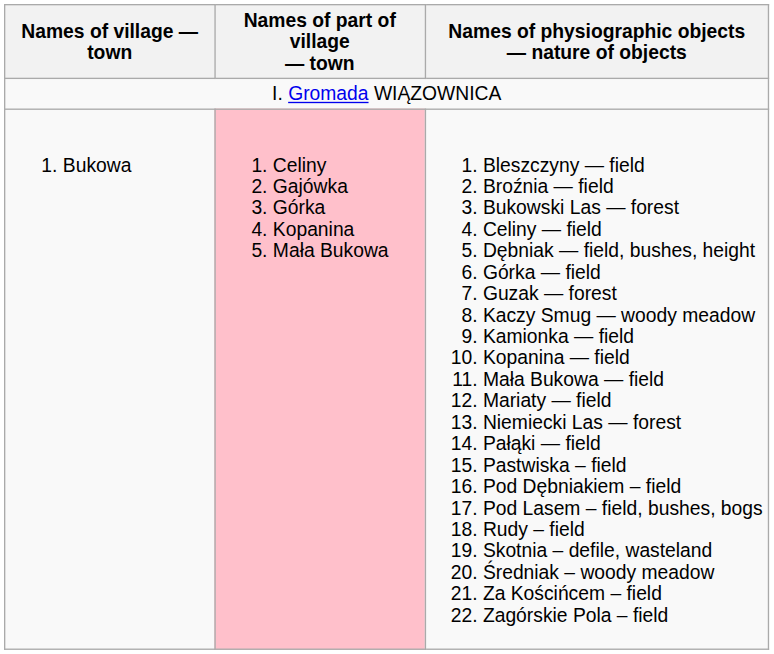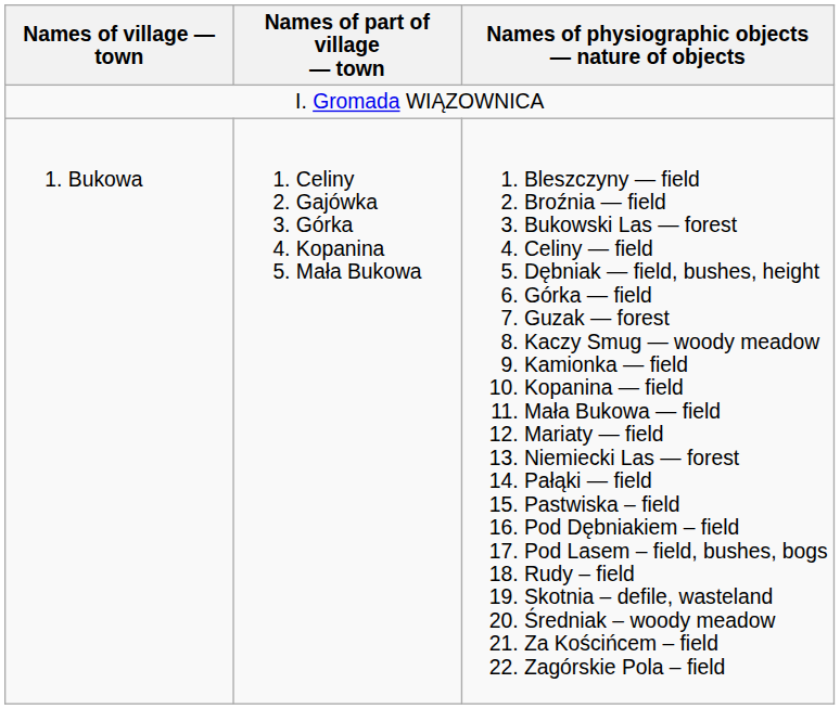 <table class="wikitable" style="text-align:center; font-size:90%" |>
 <tr>
 <th width="150px">Names of village — town</th>
 <th width="150px">Names of part of village<br> — town</th>
 <th width="250px">Names of physiographic objects<br> — nature of objects</th>
 </tr>
 <tr>
 <td colspan = "3">I. <a href='#'>Gromada</a> WIĄZOWNICA</td>
 </tr>
 <tr>
 <td valign = "top" style="text-align:left"><br><ol><li>Bukowa</li></ol></td>
-<td valign = "top" style="background: pink; text-align:left"><br><ol><li>Celiny</li><li>Gajówka</li><li>Górka</li><li>Kopanina</li><li>Mała Bukowa</li></ol></td>
+<td valign = "top" style="text-align:left"><br><ol><li>Celiny</li><li>Gajówka</li><li>Górka</li><li>Kopanina</li><li>Mała Bukowa</li></ol></td>
 <td valign = "top" style="text-align:left"><br><ol><li>Bleszczyny — field</li><li>Broźnia — field</li><li>Bukowski Las — forest</li><li>Celiny — field</li><li>Dębniak — field, bushes, height</li><li>Górka — field</li><li>Guzak — forest</li><li>Kaczy Smug — woody meadow</li><li>Kamionka — field</li><li>Kopanina — field</li><li>Mała Bukowa — field</li><li>Mariaty — field</li><li>Niemiecki Las — forest</li><li>Pałąki — field</li><li>Pastwiska – field</li><li>Pod Dębniakiem – field</li><li>Pod Lasem – field, bushes, bogs</li><li>Rudy – field</li><li>Skotnia – defile, wasteland</li><li>Średniak – woody meadow</li><li>Za Kościńcem – field</li><li>Zagórskie Pola – field</li></ol></td>
 </tr>
 </table>
